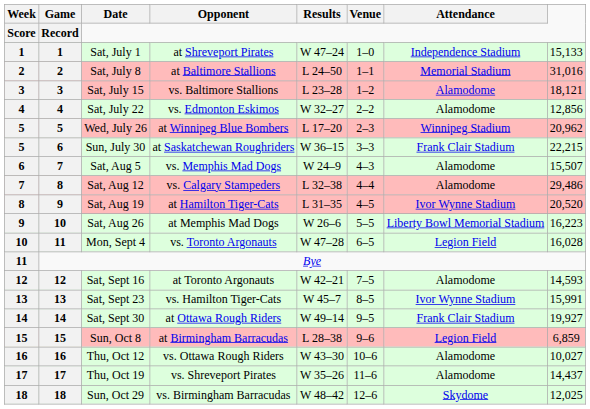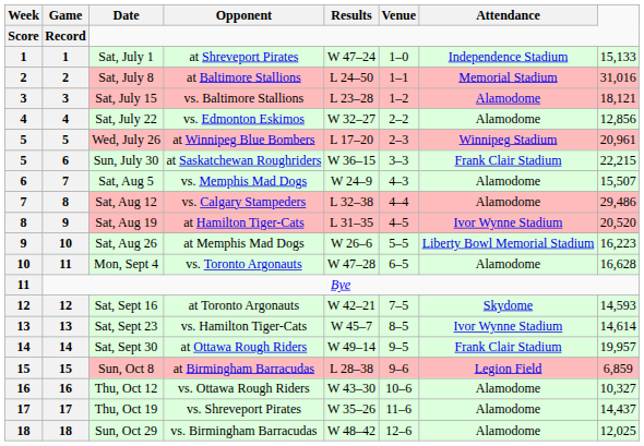 <table class="wikitable" style="text-align:center">
 <tr>
 <th>Week</th>
 <th>Game</th>
 <th>Date</th>
 <th>Opponent</th>
 <th>Results</th>
 <th>Venue</th>
 <th>Attendance</th>
 </tr>
 <tr>
 <th>Score</th>
 <th>Record</th>
 </tr>
 <tr style="background:#ddffdd">
 <th>1</th>
 <th>1</th>
 <td>Sat, July 1</td>
 <td>at <a href='#'>Shreveport Pirates</a></td>
 <td>W 47–24</td>
 <td>1–0</td>
 <td><a href='#'>Independence Stadium</a></td>
 <td>15,133</td>
 </tr>
 <tr style="background:#ffbbbb">
 <th>2</th>
 <th>2</th>
 <td>Sat, July 8</td>
 <td>at <a href='#'>Baltimore Stallions</a></td>
 <td>L 24–50</td>
 <td>1–1</td>
 <td><a href='#'>Memorial Stadium</a></td>
 <td>31,016</td>
 </tr>
 <tr style="background:#ffbbbb">
 <th>3</th>
 <th>3</th>
 <td>Sat, July 15</td>
 <td>vs. Baltimore Stallions</td>
 <td>L 23–28</td>
 <td>1–2</td>
 <td><a href='#'>Alamodome</a></td>
 <td>18,121</td>
 </tr>
 <tr style="background:#ddffdd">
 <th>4</th>
 <th>4</th>
 <td>Sat, July 22</td>
 <td>vs. <a href='#'>Edmonton Eskimos</a></td>
 <td>W 32–27</td>
 <td>2–2</td>
 <td>Alamodome</td>
 <td>12,856</td>
 </tr>
 <tr style="background:#ffbbbb">
 <th>5</th>
 <th>5</th>
 <td>Wed, July 26</td>
 <td>at <a href='#'>Winnipeg Blue Bombers</a></td>
 <td>L 17–20</td>
 <td>2–3</td>
 <td><a href='#'>Winnipeg Stadium</a></td>
-<td>20,962</td>
+<td>20,961</td>
 </tr>
 <tr style="background:#ddffdd">
 <th>5</th>
 <th>6</th>
 <td>Sun, July 30</td>
 <td>at <a href='#'>Saskatchewan Roughriders</a></td>
 <td>W 36–15</td>
 <td>3–3</td>
 <td><a href='#'>Frank Clair Stadium</a></td>
 <td>22,215</td>
 </tr>
 <tr style="background:#ddffdd">
 <th>6</th>
 <th>7</th>
 <td>Sat, Aug 5</td>
 <td>vs. <a href='#'>Memphis Mad Dogs</a></td>
 <td>W 24–9</td>
 <td>4–3</td>
 <td>Alamodome</td>
 <td>15,507</td>
 </tr>
 <tr style="background:#ffbbbb">
 <th>7</th>
 <th>8</th>
 <td>Sat, Aug 12</td>
 <td>vs. <a href='#'>Calgary Stampeders</a></td>
 <td>L 32–38</td>
 <td>4–4</td>
 <td>Alamodome</td>
 <td>29,486</td>
 </tr>
 <tr style="background:#ffbbbb">
 <th>8</th>
 <th>9</th>
 <td>Sat, Aug 19</td>
 <td>at <a href='#'>Hamilton Tiger-Cats</a></td>
 <td>L 31–35</td>
 <td>4–5</td>
 <td><a href='#'>Ivor Wynne Stadium</a></td>
 <td>20,520</td>
 </tr>
 <tr style="background:#ddffdd">
 <th>9</th>
 <th>10</th>
 <td>Sat, Aug 26</td>
 <td>at Memphis Mad Dogs</td>
 <td>W 26–6</td>
 <td>5–5</td>
 <td><a href='#'>Liberty Bowl Memorial Stadium</a></td>
 <td>16,223</td>
 </tr>
 <tr style="background:#ddffdd">
 <th>10</th>
 <th>11</th>
 <td>Mon, Sept 4</td>
 <td>vs. <a href='#'>Toronto Argonauts</a></td>
 <td>W 47–28</td>
 <td>6–5</td>
-<td><a href='#'>Legion Field</a></td>
-<td>16,028</td>
+<td>Alamodome</td>
+<td>16,628</td>
 </tr>
 <tr>
 <th>11</th>
 <td colspan=7><em><a href='#'>Bye</a></em></td>
 </tr>
 <tr style="background:#ddffdd">
 <th>12</th>
 <th>12</th>
 <td>Sat, Sept 16</td>
 <td>at Toronto Argonauts</td>
 <td>W 42–21</td>
 <td>7–5</td>
-<td>Alamodome</td>
+<td><a href='#'>Skydome</a></td>
 <td>14,593</td>
 </tr>
 <tr style="background:#ddffdd">
 <th>13</th>
 <th>13</th>
 <td>Sat, Sept 23</td>
 <td>vs. Hamilton Tiger-Cats</td>
 <td>W 45–7</td>
 <td>8–5</td>
 <td><a href='#'>Ivor Wynne Stadium</a></td>
-<td>15,991</td>
+<td>14,614</td>
 </tr>
 <tr style="background:#ddffdd">
 <th>14</th>
 <th>14</th>
 <td>Sat, Sept 30</td>
 <td>at <a href='#'>Ottawa Rough Riders</a></td>
 <td>W 49–14</td>
 <td>9–5</td>
 <td><a href='#'>Frank Clair Stadium</a></td>
-<td>19,927</td>
+<td>19,957</td>
 </tr>
 <tr style="background:#ffbbbb">
 <th>15</th>
 <th>15</th>
 <td>Sun, Oct 8</td>
 <td>at <a href='#'>Birmingham Barracudas</a></td>
 <td>L 28–38</td>
 <td>9–6</td>
 <td><a href='#'>Legion Field</a></td>
 <td>6,859</td>
 </tr>
 <tr style="background:#ddffdd">
 <th>16</th>
 <th>16</th>
 <td>Thu, Oct 12</td>
 <td>vs. Ottawa Rough Riders</td>
 <td>W 43–30</td>
 <td>10–6</td>
 <td>Alamodome</td>
-<td>10,027</td>
+<td>10,327</td>
 </tr>
 <tr style="background:#ddffdd">
 <th>17</th>
 <th>17</th>
 <td>Thu, Oct 19</td>
 <td>vs. Shreveport Pirates</td>
 <td>W 35–26</td>
 <td>11–6</td>
 <td>Alamodome</td>
 <td>14,437</td>
 </tr>
 <tr style="background:#ddffdd">
 <th>18</th>
 <th>18</th>
 <td>Sun, Oct 29</td>
 <td>vs. Birmingham Barracudas</td>
 <td>W 48–42</td>
 <td>12–6</td>
-<td><a href='#'>Skydome</a></td>
+<td>Alamodome</td>
 <td>12,025</td>
 </tr>
 </table>
